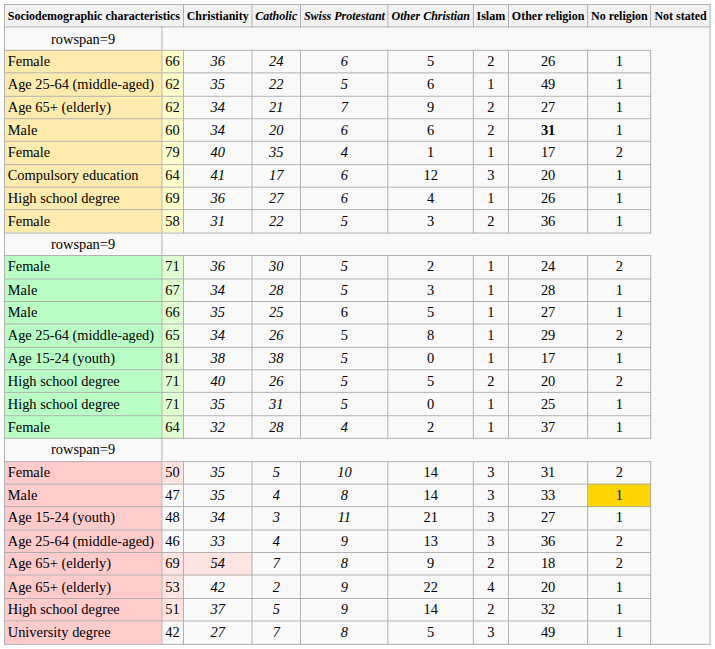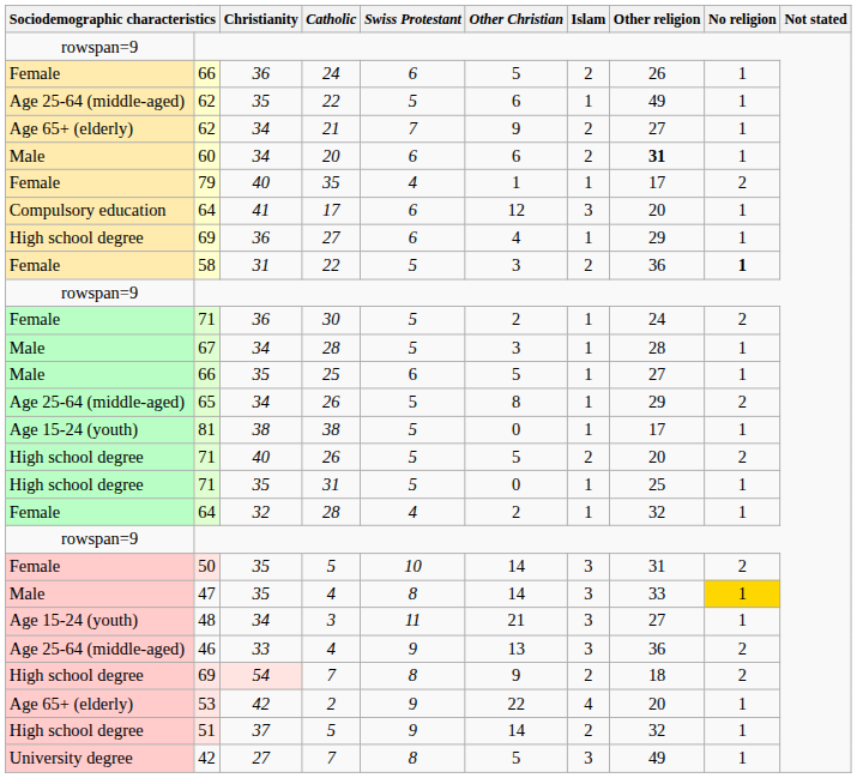 <table class="wikitable" style="text-align:center">
 <tr class="hintergrundfarbe5">
 <th colspan=2><small>Sociodemographic characteristics</small></th>
 <th><small>Christianity</small></th>
 <th><small><em>Catholic</em></small></th>
 <th><small><em>Swiss Protestant</em></small></th>
 <th><small><em>Other Christian</em></small></th>
 <th><small>Islam</small></th>
 <th><small>Other religion</small></th>
 <th><small>No religion</small></th>
 <th><small>Not stated</small></th>
 </tr>
 <tr>
 <td>rowspan=9 </td>
 </tr>
 <tr>
 <td align="left" style="background:#FFEBAD;">Female</td>
 <td style="background:#FFFFCC;">66</td>
 <td><em>36</em></td>
 <td><em>24</em></td>
 <td><em>6</em></td>
 <td>5</td>
 <td>2</td>
 <td>26</td>
 <td>1</td>
 </tr>
 <tr>
 <td align="left" style="background:#FFEBAD;">Age 25-64 (middle-aged)</td>
 <td style="background:#FFFFCC;">62</td>
 <td><em>35</em></td>
 <td><em>22</em></td>
 <td><em>5</em></td>
 <td>6</td>
 <td>1</td>
 <td>49</td>
 <td>1</td>
 </tr>
 <tr>
 <td align="left" style="background:#FFEBAD;">Age 65+ (elderly)</td>
 <td style="background:#FFFFCC;">62</td>
 <td><em>34</em></td>
 <td><em>21</em></td>
 <td><em>7</em></td>
 <td>9</td>
 <td>2</td>
 <td>27</td>
 <td>1</td>
 </tr>
 <tr>
 <td align="left" style="background:#FFEBAD;">Male</td>
 <td style="background:#FFFFCC;">60</td>
 <td><em>34</em></td>
 <td><em>20</em></td>
 <td><em>6</em></td>
 <td>6</td>
 <td>2</td>
 <td><strong>31</strong></td>
 <td>1</td>
 </tr>
 <tr>
 <td align="left" style="background:#FFEBAD;">Female</td>
 <td style="background:#FFFFCC;">79</td>
 <td><em>40</em></td>
 <td><em>35</em></td>
 <td><em>4</em></td>
 <td>1</td>
 <td>1</td>
 <td>17</td>
 <td>2</td>
 </tr>
 <tr>
 <td align="left" style="background:#FFEBAD;">Compulsory education</td>
 <td style="background:#FFFFCC;">64</td>
 <td><em>41</em></td>
 <td><em>17</em></td>
 <td><em>6</em></td>
 <td>12</td>
 <td>3</td>
 <td>20</td>
 <td>1</td>
 </tr>
 <tr>
 <td align="left" style="background:#FFEBAD;">High school degree</td>
 <td style="background:#FFFFCC;">69</td>
 <td><em>36</em></td>
 <td><em>27</em></td>
 <td><em>6</em></td>
 <td>4</td>
 <td>1</td>
-<td>26</td>
+<td>29</td>
 <td>1</td>
 </tr>
 <tr>
 <td align="left" style="background:#FFEBAD;">Female</td>
 <td style="background:#FFFFCC;">58</td>
 <td><em>31</em></td>
 <td><em>22</em></td>
 <td><em>5</em></td>
 <td>3</td>
 <td>2</td>
 <td>36</td>
-<td>1</td>
+<td><strong>1</strong></td>
 </tr>
 <tr>
 <td>rowspan=9 </td>
 </tr>
 <tr>
 <td align="left" style="background:#B9FFC5;">Female</td>
 <td style="background:#E0FFD0;">71</td>
 <td><em>36</em></td>
 <td><em>30</em></td>
 <td><em>5</em></td>
 <td>2</td>
 <td>1</td>
 <td>24</td>
 <td>2</td>
 </tr>
 <tr>
 <td align="left" style="background:#B9FFC5;">Male</td>
 <td style="background:#E0FFD0;">67</td>
 <td><em>34</em></td>
 <td><em>28</em></td>
 <td><em>5</em></td>
 <td>3</td>
 <td>1</td>
 <td>28</td>
 <td>1</td>
 </tr>
 <tr>
 <td align="left" style="background:#B9FFC5;">Male</td>
 <td style="background:#E0FFD0;">66</td>
 <td><em>35</em></td>
 <td><em>25</em></td>
 <td>6</td>
 <td>5</td>
 <td>1</td>
 <td>27</td>
 <td>1</td>
 </tr>
 <tr>
 <td align="left" style="background:#B9FFC5;">Age 25-64 (middle-aged)</td>
 <td style="background:#E0FFD0;">65</td>
 <td><em>34</em></td>
 <td><em>26</em></td>
 <td>5</td>
 <td>8</td>
 <td>1</td>
 <td>29</td>
 <td>2</td>
 </tr>
 <tr>
 <td align="left" style="background:#B9FFC5;">Age 15-24 (youth)</td>
 <td style="background:#E0FFD0;">81</td>
 <td><em>38</em></td>
 <td><em>38</em></td>
 <td><em>5</em></td>
 <td>0</td>
 <td>1</td>
 <td>17</td>
 <td>1</td>
 </tr>
 <tr>
 <td align="left" style="background:#B9FFC5;">High school degree</td>
 <td style="background:#E0FFD0;">71</td>
 <td><em>40</em></td>
 <td><em>26</em></td>
 <td><em>5</em></td>
 <td>5</td>
 <td>2</td>
 <td>20</td>
 <td>2</td>
 </tr>
 <tr>
 <td align="left" style="background:#B9FFC5;">High school degree</td>
 <td style="background:#E0FFD0;">71</td>
 <td><em>35</em></td>
 <td><em>31</em></td>
 <td><em>5</em></td>
 <td>0</td>
 <td>1</td>
 <td>25</td>
 <td>1</td>
 </tr>
 <tr>
 <td align="left" style="background:#B9FFC5;">Female</td>
 <td style="background:#E0FFD0;">64</td>
 <td><em>32</em></td>
 <td><em>28</em></td>
 <td><em>4</em></td>
 <td>2</td>
 <td>1</td>
-<td>37</td>
+<td>32</td>
 <td>1</td>
 </tr>
 <tr>
 <td>rowspan=9 </td>
 </tr>
 <tr>
 <td align="left" style="background:#FFCBCB;">Female</td>
 <td style="background:#FFE4E1;">50</td>
 <td><em>35</em></td>
 <td><em>5</em></td>
 <td><em>10</em></td>
 <td>14</td>
 <td>3</td>
 <td>31</td>
 <td>2</td>
 </tr>
 <tr>
 <td align="left" style="background:#FFCBCB;">Male</td>
 <td>47</td>
 <td><em>35</em></td>
 <td><em>4</em></td>
 <td><em>8</em></td>
 <td>14</td>
 <td>3</td>
 <td>33</td>
 <td style="background: gold;">1</td>
 </tr>
 <tr>
 <td align="left" style="background:#FFCBCB;">Age 15-24 (youth)</td>
 <td>48</td>
 <td><em>34</em></td>
 <td><em>3</em></td>
 <td><em>11</em></td>
 <td>21</td>
 <td>3</td>
 <td>27</td>
 <td>1</td>
 </tr>
 <tr>
 <td align="left" style="background:#FFCBCB;">Age 25-64 (middle-aged)</td>
 <td>46</td>
 <td><em>33</em></td>
 <td><em>4</em></td>
 <td><em>9</em></td>
 <td>13</td>
 <td>3</td>
 <td>36</td>
 <td>2</td>
 </tr>
 <tr>
-<td align="left" style="background:#FFCBCB;">Age 65+ (elderly)</td>
+<td align="left" style="background:#FFCBCB;">High school degree</td>
 <td style="background:#FFE4E1;">69</td>
 <td style="background:#FFE4E1;"><em>54</em></td>
 <td><em>7</em></td>
 <td><em>8</em></td>
 <td>9</td>
 <td>2</td>
 <td>18</td>
 <td>2</td>
 </tr>
 <tr>
 <td align="left" style="background:#FFCBCB;">Age 65+ (elderly)</td>
 <td style="background:#FFE4E1;">53</td>
 <td><em>42</em></td>
 <td><em>2</em></td>
 <td><em>9</em></td>
 <td>22</td>
 <td>4</td>
 <td>20</td>
 <td>1</td>
 </tr>
 <tr>
 <td align="left" style="background:#FFCBCB;">High school degree</td>
 <td style="background:#FFE4E1;">51</td>
 <td><em>37</em></td>
 <td><em>5</em></td>
 <td><em>9</em></td>
 <td>14</td>
 <td>2</td>
 <td>32</td>
 <td>1</td>
 </tr>
 <tr>
 <td align="left" style="background:#FFCBCB;">University degree</td>
 <td>42</td>
 <td><em>27</em></td>
 <td><em>7</em></td>
 <td><em>8</em></td>
 <td>5</td>
 <td>3</td>
 <td>49</td>
 <td>1</td>
 </tr>
 </table>
